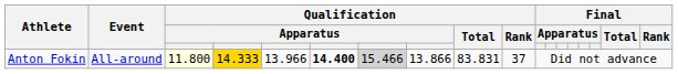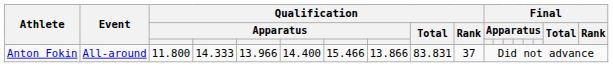 <table class="wikitable" style="font-size:90%">
 <tr>
 <th rowspan=3>Athlete</th>
 <th rowspan=3>Event</th>
 <th colspan =8>Qualification</th>
 <th colspan =8>Final</th>
 </tr>
 <tr style="font-size:95%">
 <th colspan=6>Apparatus</th>
 <th rowspan=2>Total</th>
 <th rowspan=2>Rank</th>
 <th colspan=6>Apparatus</th>
 <th rowspan=2>Total</th>
 <th rowspan=2>Rank</th>
 </tr>
 <tr style="font-size:95%">
 <th></th>
 <th></th>
 <th></th>
 <th></th>
 <th></th>
 <th></th>
 <th></th>
 <th></th>
 <th></th>
 <th></th>
 <th></th>
 <th></th>
 </tr>
 <tr align=center>
 <td align=left><a href='#'>Anton Fokin</a></td>
 <td align=left><a href='#'>All-around</a></td>
-<td style="background: lightyellow;">11.800</td>
-<td style="background: gold;">14.333</td>
+<td>11.800</td>
+<td>14.333</td>
 <td>13.966</td>
-<td><strong>14.400</strong></td>
-<td style="background: lightgrey;">15.466</td>
+<td>14.400</td>
+<td>15.466</td>
 <td>13.866</td>
 <td>83.831</td>
 <td>37</td>
 <td colspan=8>Did not advance</td>
 </tr>
 </table>
